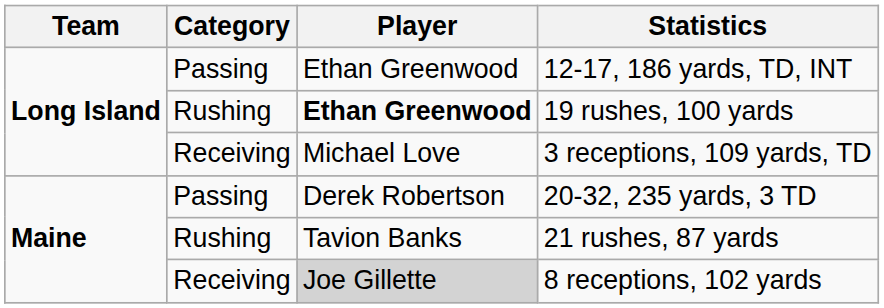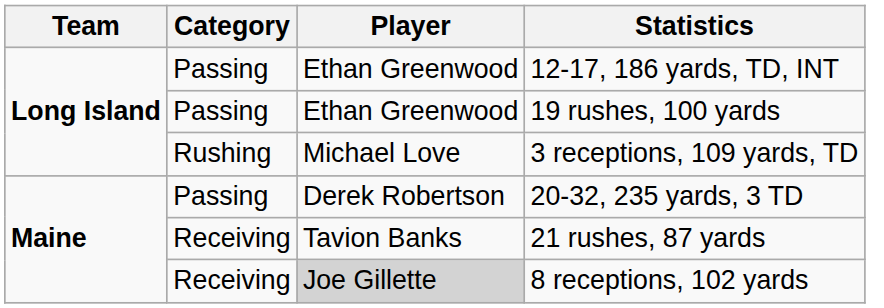 <table class="wikitable" style="float: left;">
 <tr>
 <th>Team</th>
 <th>Category</th>
 <th>Player</th>
 <th>Statistics</th>
 </tr>
 <tr>
 <td rowspan=3><strong>Long Island</strong></td>
 <td>Passing</td>
 <td>Ethan Greenwood</td>
 <td>12-17, 186 yards, TD, INT</td>
 </tr>
 <tr>
-<td>Rushing</td>
-<td><strong>Ethan Greenwood</strong></td>
+<td>Passing</td>
+<td>Ethan Greenwood</td>
 <td>19 rushes, 100 yards</td>
 </tr>
 <tr>
-<td>Receiving</td>
+<td>Rushing</td>
 <td>Michael Love</td>
 <td>3 receptions, 109 yards, TD</td>
 </tr>
 <tr>
 <td rowspan=3><strong>Maine</strong></td>
 <td>Passing</td>
 <td>Derek Robertson</td>
 <td>20-32, 235 yards, 3 TD</td>
 </tr>
 <tr>
-<td>Rushing</td>
+<td>Receiving</td>
 <td>Tavion Banks</td>
 <td>21 rushes, 87 yards</td>
 </tr>
 <tr>
 <td>Receiving</td>
 <td style="background: lightgrey;">Joe Gillette</td>
 <td>8 receptions, 102 yards</td>
 </tr>
 </table>
